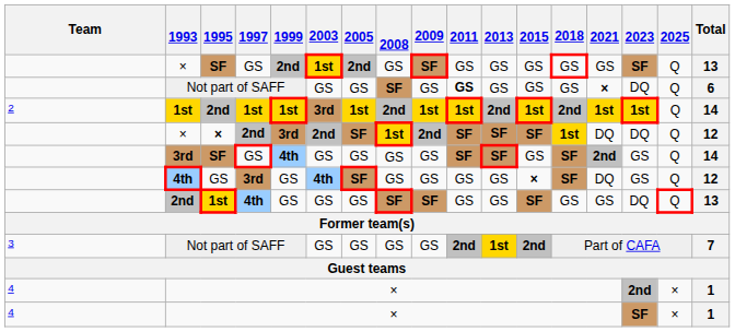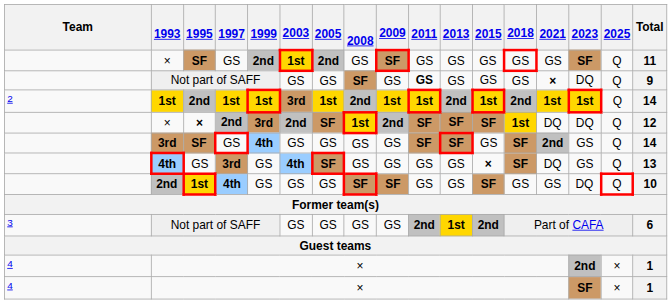 <table class="wikitable" style="text-align:center; font-size:90%">
 <tr>
 <th width=170>Team</th>
 <th><br><a href='#'>1993</a></th>
 <th><br><a href='#'>1995</a></th>
 <th><br><a href='#'>1997</a></th>
 <th><br><a href='#'>1999</a></th>
 <th><br><a href='#'>2003</a></th>
 <th><br><a href='#'>2005</a></th>
 <th><br><br><a href='#'>2008</a></th>
 <th><br><a href='#'>2009</a></th>
 <th><br><a href='#'>2011</a></th>
 <th><br><a href='#'>2013</a></th>
 <th><br><a href='#'>2015</a></th>
 <th><br><a href='#'>2018</a></th>
 <th><br><a href='#'>2021</a></th>
 <th><br><a href='#'>2023</a></th>
 <th><br><a href='#'>2025</a></th>
 <th>Total</th>
 </tr>
 <tr>
 <td align="left"></td>
 <td>×</td>
 <td bgcolor="cc9966"><strong>SF</strong></td>
 <td>GS</td>
 <td bgcolor="silver"><strong>2nd</strong></td>
 <td style="border: 3px solid red" bgcolor="gold"><strong>1st</strong></td>
 <td bgcolor="silver"><strong>2nd</strong></td>
 <td>GS</td>
 <td style="border: 3px solid red" bgcolor="cc9966"><strong>SF</strong></td>
 <td>GS</td>
 <td>GS</td>
 <td>GS</td>
 <td style="border: 3px solid red">GS</td>
 <td>GS</td>
 <td bgcolor="cc9966"><strong>SF</strong></td>
 <td>Q</td>
-<th>13</th>
+<th>11</th>
 </tr>
 <tr>
 <td align="left"></td>
 <td colspan=4 bgcolor="#efefef">Not part of SAFF</td>
 <td>GS</td>
 <td>GS</td>
 <td bgcolor="cc9966"><strong>SF</strong></td>
 <td>GS</td>
 <td><strong>GS</strong></td>
 <td>GS</td>
 <td>GS</td>
 <td>GS</td>
 <td><strong>×</strong></td>
 <td>DQ</td>
 <td>Q</td>
-<th>6</th>
+<th>9</th>
 </tr>
 <tr>
 <td align="left"><sup><a href='#'>2</a></sup></td>
 <td bgcolor="gold"><strong>1st</strong></td>
 <td bgcolor="silver"><strong>2nd</strong></td>
 <td bgcolor="gold"><strong>1st</strong></td>
 <td style="border: 3px solid red" bgcolor="gold"><strong>1st</strong></td>
 <td bgcolor="cc9966"><strong>3rd</strong></td>
 <td bgcolor="gold"><strong>1st</strong></td>
 <td bgcolor="silver"><strong>2nd</strong></td>
 <td bgcolor="gold"><strong>1st</strong></td>
 <td style="border: 3px solid red" bgcolor="gold"><strong>1st</strong></td>
 <td bgcolor="silver"><strong>2nd</strong></td>
 <td style="border: 3px solid red" bgcolor="gold"><strong>1st</strong></td>
 <td bgcolor="silver"><strong>2nd</strong></td>
 <td bgcolor="gold"><strong>1st</strong></td>
 <td style="border: 3px solid red" bgcolor="gold"><strong>1st</strong></td>
 <td>Q</td>
 <th>14</th>
 </tr>
 <tr>
 <td align="left"></td>
 <td>×</td>
 <td><strong>×</strong></td>
 <td bgcolor="silver"><strong>2nd</strong></td>
 <td bgcolor="cc9966"><strong>3rd</strong></td>
 <td bgcolor="silver"><strong>2nd</strong></td>
 <td bgcolor="cc9966"><strong>SF</strong></td>
 <td style="border: 3px solid red" bgcolor="gold"><strong>1st</strong></td>
 <td bgcolor="silver"><strong>2nd</strong></td>
 <td bgcolor="cc9966"><strong>SF</strong></td>
 <td bgcolor="cc9966"><strong>SF</strong></td>
 <td bgcolor="cc9966"><strong>SF</strong></td>
 <td bgcolor="gold"><strong>1st</strong></td>
 <td>DQ</td>
 <td>DQ</td>
 <td>Q</td>
 <th>12</th>
 </tr>
 <tr>
 <td align="left"></td>
 <td bgcolor="cc9966"><strong>3rd</strong></td>
 <td bgcolor="cc9966"><strong>SF</strong></td>
 <td style="border: 3px solid red">GS</td>
 <td bgcolor="9acdff"><strong>4th</strong></td>
 <td>GS</td>
 <td>GS</td>
 <td>GS</td>
 <td>GS</td>
 <td bgcolor="cc9966"><strong>SF</strong></td>
 <td style="border: 3px solid red" bgcolor="cc9966"><strong>SF</strong></td>
 <td>GS</td>
 <td bgcolor="cc9966"><strong>SF</strong></td>
 <td bgcolor="silver"><strong>2nd</strong></td>
 <td>GS</td>
 <td>Q</td>
 <th>14</th>
 </tr>
 <tr>
 <td align="left"></td>
 <td style="border: 3px solid red" bgcolor="9acdff"><strong>4th</strong></td>
 <td>GS</td>
 <td bgcolor="cc9966"><strong>3rd</strong></td>
 <td>GS</td>
 <td bgcolor="9acdff"><strong>4th</strong></td>
 <td style="border: 3px solid red" bgcolor="cc9966"><strong>SF</strong></td>
 <td>GS</td>
 <td>GS</td>
 <td>GS</td>
 <td>GS</td>
 <td><strong>×</strong></td>
 <td bgcolor="cc9966"><strong>SF</strong></td>
 <td>DQ</td>
 <td>GS</td>
 <td>Q</td>
-<th>12</th>
+<th>13</th>
 </tr>
 <tr>
 <td align="left"></td>
 <td bgcolor="silver"><strong>2nd</strong></td>
 <td style="border: 3px solid red" bgcolor="gold"><strong>1st</strong></td>
 <td bgcolor="9acdff"><strong>4th</strong></td>
 <td>GS</td>
 <td>GS</td>
 <td>GS</td>
 <td style="border: 3px solid red" bgcolor="cc9966"><strong>SF</strong></td>
 <td bgcolor="cc9966"><strong>SF</strong></td>
 <td>GS</td>
 <td>GS</td>
 <td bgcolor="cc9966"><strong>SF</strong></td>
 <td>GS</td>
 <td>GS</td>
 <td>DQ</td>
 <td style="border: 3px solid red">Q</td>
-<th>13</th>
+<th>10</th>
 </tr>
 <tr>
 <th colspan="17">Former team(s)</th>
 </tr>
 <tr>
 <td align=left><sup><a href='#'>3</a></sup></td>
 <td colspan=4 bgcolor="#efefef">Not part of SAFF</td>
 <td>GS</td>
 <td>GS</td>
 <td>GS</td>
 <td>GS</td>
 <td bgcolor=silver><strong>2nd</strong></td>
 <td bgcolor=gold><strong>1st</strong></td>
 <td bgcolor=silver><strong>2nd</strong></td>
 <td colspan="4" bgcolor="#efefef">Part of <a href='#'>CAFA</a></td>
-<th>7</th>
+<th>6</th>
 </tr>
 <tr>
 <th colspan="17">Guest teams</th>
 </tr>
 <tr>
 <td align=left><sup><a href='#'>4</a></sup></td>
 <td colspan=13>×</td>
 <td bgcolor="silver"><strong>2nd</strong></td>
 <td>×</td>
 <th>1</th>
 </tr>
 <tr>
 <td align=left><sup><a href='#'>4</a></sup></td>
 <td colspan=13>×</td>
 <td bgcolor="cc9966"><strong>SF</strong></td>
 <td>×</td>
 <th>1</th>
 </tr>
 </table>
